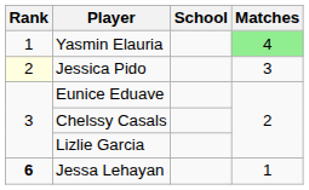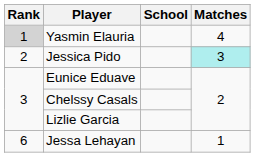 <table class="wikitable">
 <tr>
 <th>Rank</th>
 <th>Player</th>
 <th>School</th>
 <th>Matches</th>
 </tr>
 <tr>
-<td rowspan=1 style="text-align:center;">1</td>
+<td rowspan=1 style="background: lightgrey; text-align:center;">1</td>
 <td> Yasmin Elauria</td>
 <td></td>
-<td rowspan=1 style="background: lightgreen; text-align:center;">4</td>
+<td rowspan=1 style="text-align:center;">4</td>
 </tr>
 <tr>
-<td rowspan=1 style="background: lightyellow; text-align:center;">2</td>
+<td rowspan=1 style="text-align:center;">2</td>
 <td> Jessica Pido</td>
 <td></td>
-<td rowspan=1 style="text-align:center;">3</td>
+<td rowspan=1 style="background: paleturquoise; text-align:center;">3</td>
 </tr>
 <tr>
 <td rowspan=3 style="text-align:center;">3</td>
 <td> Eunice Eduave</td>
 <td></td>
 <td rowspan=3 style="text-align:center;">2</td>
 </tr>
 <tr>
 <td> Chelssy Casals</td>
 <td></td>
 </tr>
 <tr>
 <td> Lizlie Garcia</td>
 <td></td>
 </tr>
 <tr>
-<td rowspan=1 style="text-align:center;"><strong>6</strong></td>
+<td rowspan=1 style="text-align:center;">6</td>
 <td> Jessa Lehayan</td>
 <td></td>
 <td rowspan=1 style="text-align:center;">1</td>
 </tr>
 </table>
